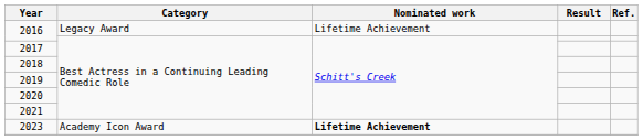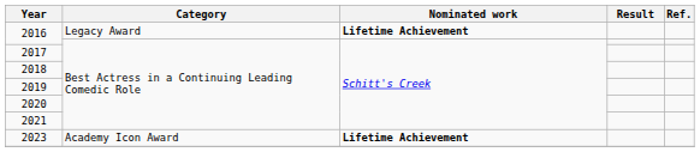 <table class=wikitable>
 <tr>
 <th scope="col" style="width:5em;">Year</th>
 <th scope="col" style="width:26em;">Category</th>
 <th scope="col" style="width:25em;">Nominated work</th>
 <th scope="col" style="width:5em;">Result</th>
 <th>Ref.</th>
 </tr>
 <tr>
 <td style="text-align:center;", rowspan="2">2016</td>
 <td>Legacy Award</td>
-<td>Lifetime Achievement</td>
+<td><strong>Lifetime Achievement</strong></td>
 <td></td>
 <td style="text-align:center;"></td>
 </tr>
 <tr>
 <td rowspan="6">Best Actress in a Continuing Leading Comedic Role</td>
 <td rowspan="6"><em><a href='#'>Schitt's Creek</a></em></td>
 <td></td>
 <td style="text-align:center;"></td>
 </tr>
 <tr>
 <td style="text-align:center;">2017</td>
 <td></td>
 <td style="text-align:center;"></td>
 </tr>
 <tr>
 <td style="text-align:center;">2018</td>
 <td></td>
 <td style="text-align:center;"></td>
 </tr>
 <tr>
 <td style="text-align:center;">2019</td>
 <td></td>
 <td style="text-align:center;"></td>
 </tr>
 <tr>
 <td style="text-align:center;">2020</td>
 <td></td>
 <td style="text-align:center;"></td>
 </tr>
 <tr>
 <td style="text-align:center;">2021</td>
 <td></td>
 <td style="text-align:center;"></td>
 </tr>
 <tr>
 <td style="text-align:center;">2023</td>
 <td>Academy Icon Award</td>
 <td><strong>Lifetime Achievement</strong></td>
 <td></td>
 <td style="text-align:center;"></td>
 </tr>
 <tr>
 </tr>
 <tr>
 </tr>
 </table>
